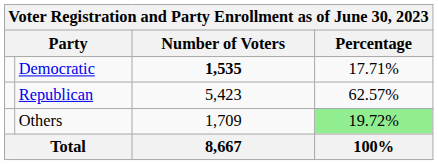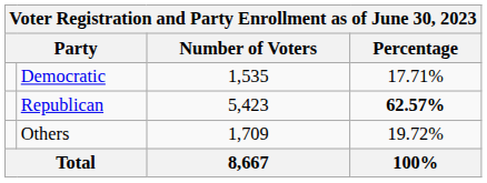 <table class=wikitable>
 <tr>
 <th colspan = 6>Voter Registration and Party Enrollment as of June 30, 2023</th>
 </tr>
 <tr>
 <th colspan = 2>Party</th>
 <th>Number of Voters</th>
 <th>Percentage</th>
 </tr>
 <tr>
 <td></td>
 <td><a href='#'>Democratic</a></td>
-<td align = center><strong>1,535</strong></td>
+<td align = center>1,535</td>
 <td align = center>17.71%</td>
 </tr>
 <tr>
 <td></td>
 <td><a href='#'>Republican</a></td>
 <td align = center>5,423</td>
-<td align = center>62.57%</td>
+<td align = center><strong>62.57%</strong></td>
 </tr>
 <tr>
 <td></td>
 <td>Others</td>
 <td align = center>1,709</td>
-<td align = center style="background: lightgreen;">19.72%</td>
+<td align = center>19.72%</td>
 </tr>
 <tr>
 <th colspan = 2>Total</th>
 <th align = center>8,667</th>
 <th align = center>100%</th>
 </tr>
 </table>
